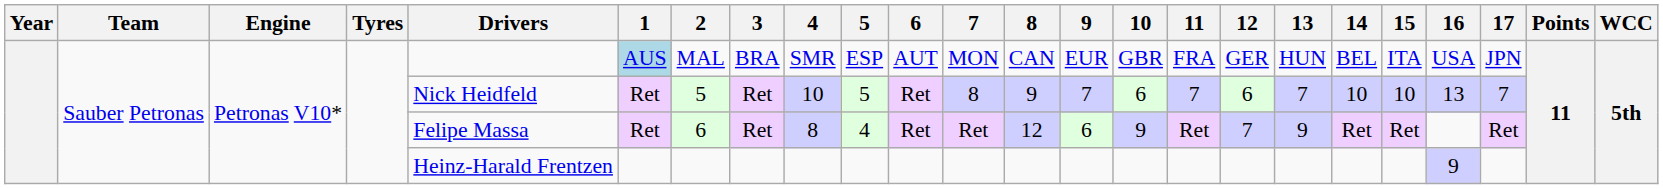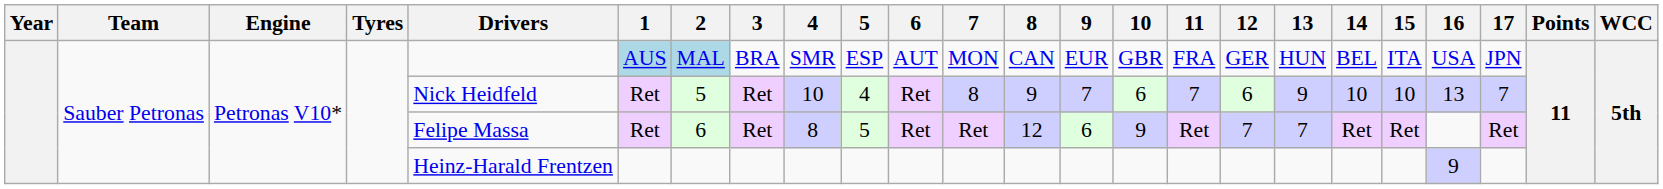 <table class="wikitable" style="text-align:center; font-size:95%">
 <tr>
 <th>Year</th>
 <th>Team</th>
 <th>Engine</th>
 <th>Tyres</th>
 <th>Drivers</th>
 <th>1</th>
 <th>2</th>
 <th>3</th>
 <th>4</th>
 <th>5</th>
 <th>6</th>
 <th>7</th>
 <th>8</th>
 <th>9</th>
 <th>10</th>
 <th>11</th>
 <th>12</th>
 <th>13</th>
 <th>14</th>
 <th>15</th>
 <th>16</th>
 <th>17</th>
 <th>Points</th>
 <th>WCC</th>
 </tr>
 <tr>
 <th rowspan="4"></th>
 <td rowspan="4"><a href='#'>Sauber</a> <a href='#'>Petronas</a></td>
 <td rowspan="4"><a href='#'>Petronas</a> <a href='#'>V10</a>*</td>
 <td rowspan="4"></td>
 <td></td>
 <td style="background: lightblue;"><a href='#'>AUS</a></td>
-<td><a href='#'>MAL</a></td>
+<td style="background: lightblue;"><a href='#'>MAL</a></td>
 <td><a href='#'>BRA</a></td>
 <td><a href='#'>SMR</a></td>
 <td><a href='#'>ESP</a></td>
 <td><a href='#'>AUT</a></td>
 <td><a href='#'>MON</a></td>
 <td><a href='#'>CAN</a></td>
 <td><a href='#'>EUR</a></td>
 <td><a href='#'>GBR</a></td>
 <td><a href='#'>FRA</a></td>
 <td><a href='#'>GER</a></td>
 <td><a href='#'>HUN</a></td>
 <td><a href='#'>BEL</a></td>
 <td><a href='#'>ITA</a></td>
 <td><a href='#'>USA</a></td>
 <td><a href='#'>JPN</a></td>
 <th rowspan="4"><strong>11</strong></th>
 <th rowspan="4"><strong>5th</strong></th>
 </tr>
 <tr>
 <td align=left> <a href='#'>Nick Heidfeld</a></td>
 <td style="background:#EFCFFF;">Ret</td>
 <td style="background:#DFFFDF;">5</td>
 <td style="background:#EFCFFF;">Ret</td>
 <td style="background:#CFCFFF;">10</td>
-<td style="background:#DFFFDF;">5</td>
+<td style="background:#DFFFDF;">4</td>
 <td style="background:#EFCFFF;">Ret</td>
 <td style="background:#CFCFFF;">8</td>
 <td style="background:#CFCFFF;">9</td>
 <td style="background:#CFCFFF;">7</td>
 <td style="background:#DFFFDF;">6</td>
 <td style="background:#CFCFFF;">7</td>
 <td style="background:#DFFFDF;">6</td>
-<td style="background:#CFCFFF;">7</td>
+<td style="background:#CFCFFF;">9</td>
 <td style="background:#CFCFFF;">10</td>
 <td style="background:#CFCFFF;">10</td>
 <td style="background:#CFCFFF;">13</td>
 <td style="background:#CFCFFF;">7</td>
 </tr>
 <tr>
 <td align=left> <a href='#'>Felipe Massa</a></td>
 <td style="background:#EFCFFF;">Ret</td>
 <td style="background:#DFFFDF;">6</td>
 <td style="background:#EFCFFF;">Ret</td>
 <td style="background:#CFCFFF;">8</td>
-<td style="background:#DFFFDF;">4</td>
+<td style="background:#DFFFDF;">5</td>
 <td style="background:#EFCFFF;">Ret</td>
 <td style="background:#EFCFFF;">Ret</td>
 <td style="background:#CFCFFF;">12</td>
 <td style="background:#DFFFDF;">6</td>
 <td style="background:#CFCFFF;">9</td>
 <td style="background:#EFCFFF;">Ret</td>
 <td style="background:#CFCFFF;">7</td>
-<td style="background:#CFCFFF;">9</td>
+<td style="background:#CFCFFF;">7</td>
 <td style="background:#EFCFFF;">Ret</td>
 <td style="background:#EFCFFF;">Ret</td>
 <td></td>
 <td style="background:#EFCFFF;">Ret</td>
 </tr>
 <tr>
 <td align=left> <a href='#'>Heinz-Harald Frentzen</a></td>
 <td></td>
 <td></td>
 <td></td>
 <td></td>
 <td></td>
 <td></td>
 <td></td>
 <td></td>
 <td></td>
 <td></td>
 <td></td>
 <td></td>
 <td></td>
 <td></td>
 <td></td>
 <td style="background:#CFCFFF;">9</td>
 <td></td>
 </tr>
 </table>
